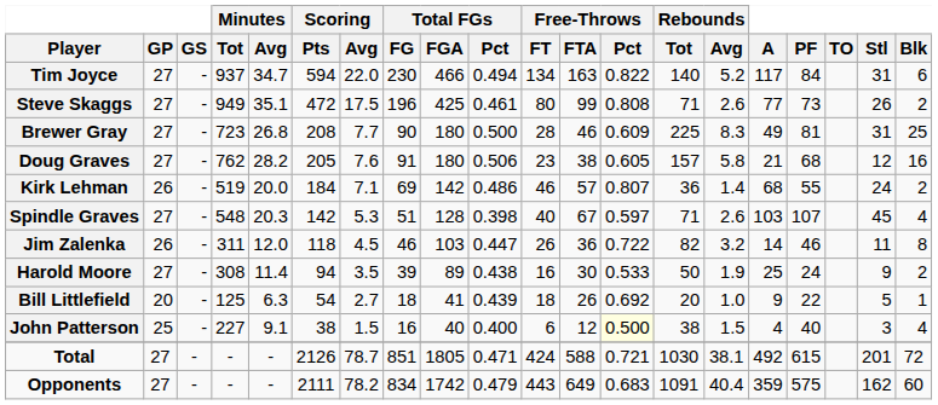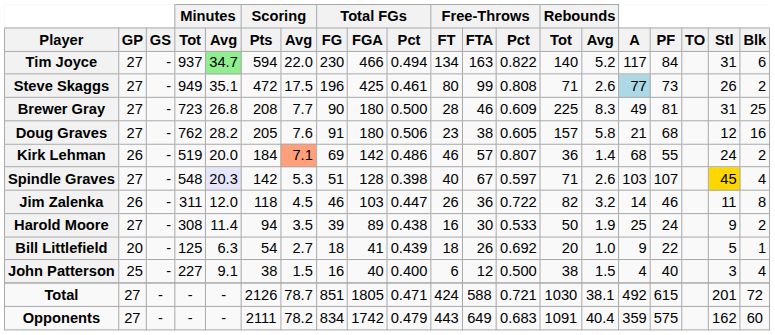 <table class="wikitable sortable" border="1" style="font-size:90%;">
 <tr>
 <th colspan="3" style="border-top-style:hidden; border-left-style:hidden; background: white;"></th>
 <th colspan="2" style=>Minutes</th>
 <th colspan="2" style=>Scoring</th>
 <th colspan="3" style=>Total FGs</th>
 <th colspan="3" style=>Free-Throws</th>
 <th colspan="2" style=>Rebounds</th>
 <th colspan="5" style="border-top-style:hidden; border-right-style:hidden; background: white;"></th>
 </tr>
 <tr>
 <th scope="col" style=>Player</th>
 <th scope="col" style=>GP</th>
 <th scope="col" style=>GS</th>
 <th scope="col" style=>Tot</th>
 <th scope="col" style=>Avg</th>
 <th scope="col" style=>Pts</th>
 <th scope="col" style=>Avg</th>
 <th scope="col" style=>FG</th>
 <th scope="col" style=>FGA</th>
 <th scope="col" style=>Pct</th>
 <th scope="col" style=>FT</th>
 <th scope="col" style=>FTA</th>
 <th scope="col" style=>Pct</th>
 <th scope="col" style=>Tot</th>
 <th scope="col" style=>Avg</th>
 <th scope="col" style=>A</th>
 <th scope="col" style=>PF</th>
 <th scope="col" style=>TO</th>
 <th scope="col" style=>Stl</th>
 <th scope="col" style=>Blk</th>
 </tr>
 <tr>
 <th>Tim Joyce</th>
 <td align="right">27</td>
 <td align="right">-</td>
 <td align="right">937</td>
-<td align="right">34.7</td>
+<td align="right" style="background: lightgreen;">34.7</td>
 <td align="right">594</td>
 <td align="right">22.0</td>
 <td align="right">230</td>
 <td align="right">466</td>
 <td align="right">0.494</td>
 <td align="right">134</td>
 <td align="right">163</td>
 <td align="right">0.822</td>
 <td align="right">140</td>
 <td align="right">5.2</td>
 <td align="right">117</td>
 <td align="right">84</td>
 <td align="right"></td>
 <td align="right">31</td>
 <td align="right">6</td>
 </tr>
 <tr>
 <th>Steve Skaggs</th>
 <td align="right">27</td>
 <td align="right">-</td>
 <td align="right">949</td>
 <td align="right">35.1</td>
 <td align="right">472</td>
 <td align="right">17.5</td>
 <td align="right">196</td>
 <td align="right">425</td>
 <td align="right">0.461</td>
 <td align="right">80</td>
 <td align="right">99</td>
 <td align="right">0.808</td>
 <td align="right">71</td>
 <td align="right">2.6</td>
-<td align="right">77</td>
+<td align="right" style="background: lightblue;">77</td>
 <td align="right">73</td>
 <td align="right"></td>
 <td align="right">26</td>
 <td align="right">2</td>
 </tr>
 <tr>
 <th>Brewer Gray</th>
 <td align="right">27</td>
 <td align="right">-</td>
 <td align="right">723</td>
 <td align="right">26.8</td>
 <td align="right">208</td>
 <td align="right">7.7</td>
 <td align="right">90</td>
 <td align="right">180</td>
 <td align="right">0.500</td>
 <td align="right">28</td>
 <td align="right">46</td>
 <td align="right">0.609</td>
 <td align="right">225</td>
 <td align="right">8.3</td>
 <td align="right">49</td>
 <td align="right">81</td>
 <td align="right"></td>
 <td align="right">31</td>
 <td align="right">25</td>
 </tr>
 <tr>
 <th>Doug Graves</th>
 <td align="right">27</td>
 <td align="right">-</td>
 <td align="right">762</td>
 <td align="right">28.2</td>
 <td align="right">205</td>
 <td align="right">7.6</td>
 <td align="right">91</td>
 <td align="right">180</td>
 <td align="right">0.506</td>
 <td align="right">23</td>
 <td align="right">38</td>
 <td align="right">0.605</td>
 <td align="right">157</td>
 <td align="right">5.8</td>
 <td align="right">21</td>
 <td align="right">68</td>
 <td align="right"></td>
 <td align="right">12</td>
 <td align="right">16</td>
 </tr>
 <tr>
 <th>Kirk Lehman</th>
 <td align="right">26</td>
 <td align="right">-</td>
 <td align="right">519</td>
 <td align="right">20.0</td>
 <td align="right">184</td>
-<td align="right">7.1</td>
+<td align="right" style="background: lightsalmon;">7.1</td>
 <td align="right">69</td>
 <td align="right">142</td>
 <td align="right">0.486</td>
 <td align="right">46</td>
 <td align="right">57</td>
 <td align="right">0.807</td>
 <td align="right">36</td>
 <td align="right">1.4</td>
 <td align="right">68</td>
 <td align="right">55</td>
 <td align="right"></td>
 <td align="right">24</td>
 <td align="right">2</td>
 </tr>
 <tr>
 <th>Spindle Graves</th>
 <td align="right">27</td>
 <td align="right">-</td>
 <td align="right">548</td>
-<td align="right">20.3</td>
+<td align="right" style="background: lavender;">20.3</td>
 <td align="right">142</td>
 <td align="right">5.3</td>
 <td align="right">51</td>
 <td align="right">128</td>
 <td align="right">0.398</td>
 <td align="right">40</td>
 <td align="right">67</td>
 <td align="right">0.597</td>
 <td align="right">71</td>
 <td align="right">2.6</td>
 <td align="right">103</td>
 <td align="right">107</td>
 <td align="right"></td>
-<td align="right">45</td>
+<td align="right" style="background: gold;">45</td>
 <td align="right">4</td>
 </tr>
 <tr>
 <th>Jim Zalenka</th>
 <td align="right">26</td>
 <td align="right">-</td>
 <td align="right">311</td>
 <td align="right">12.0</td>
 <td align="right">118</td>
 <td align="right">4.5</td>
 <td align="right">46</td>
 <td align="right">103</td>
 <td align="right">0.447</td>
 <td align="right">26</td>
 <td align="right">36</td>
 <td align="right">0.722</td>
 <td align="right">82</td>
 <td align="right">3.2</td>
 <td align="right">14</td>
 <td align="right">46</td>
 <td align="right"></td>
 <td align="right">11</td>
 <td align="right">8</td>
 </tr>
 <tr>
 <th>Harold Moore</th>
 <td align="right">27</td>
 <td align="right">-</td>
 <td align="right">308</td>
 <td align="right">11.4</td>
 <td align="right">94</td>
 <td align="right">3.5</td>
 <td align="right">39</td>
 <td align="right">89</td>
 <td align="right">0.438</td>
 <td align="right">16</td>
 <td align="right">30</td>
 <td align="right">0.533</td>
 <td align="right">50</td>
 <td align="right">1.9</td>
 <td align="right">25</td>
 <td align="right">24</td>
 <td align="right"></td>
 <td align="right">9</td>
 <td align="right">2</td>
 </tr>
 <tr>
 <th>Bill Littlefield</th>
 <td align="right">20</td>
 <td align="right">-</td>
 <td align="right">125</td>
 <td align="right">6.3</td>
 <td align="right">54</td>
 <td align="right">2.7</td>
 <td align="right">18</td>
 <td align="right">41</td>
 <td align="right">0.439</td>
 <td align="right">18</td>
 <td align="right">26</td>
 <td align="right">0.692</td>
 <td align="right">20</td>
 <td align="right">1.0</td>
 <td align="right">9</td>
 <td align="right">22</td>
 <td align="right"></td>
 <td align="right">5</td>
 <td align="right">1</td>
 </tr>
 <tr>
 <th>John Patterson</th>
 <td align="right">25</td>
 <td align="right">-</td>
 <td align="right">227</td>
 <td align="right">9.1</td>
 <td align="right">38</td>
 <td align="right">1.5</td>
 <td align="right">16</td>
 <td align="right">40</td>
 <td align="right">0.400</td>
 <td align="right">6</td>
 <td align="right">12</td>
-<td align="right" style="background: lightyellow;">0.500</td>
+<td align="right">0.500</td>
 <td align="right">38</td>
 <td align="right">1.5</td>
 <td align="right">4</td>
 <td align="right">40</td>
 <td align="right"></td>
 <td align="right">3</td>
 <td align="right">4</td>
 </tr>
 <tr>
 </tr>
 <tr class="sortbottom">
 <td align="center" style=><strong>Total</strong></td>
 <td align="center" style=>27</td>
 <td align="center" style=>-</td>
 <td align="center" style=>-</td>
 <td align="center" style=>-</td>
 <td align="center" style=>2126</td>
 <td align="center" style=>78.7</td>
 <td align="center" style=>851</td>
 <td align="center" style=>1805</td>
 <td align="center" style=>0.471</td>
 <td align="center" style=>424</td>
 <td align="center" style=>588</td>
 <td align="center" style=>0.721</td>
 <td align="center" style=>1030</td>
 <td align="center" style=>38.1</td>
 <td align="center" style=>492</td>
 <td align="center" style=>615</td>
 <td align="center" style=></td>
 <td align="center" style=>201</td>
 <td align="center" style=>72</td>
 </tr>
 <tr class="sortbottom">
 <td align="center"><strong>Opponents</strong></td>
 <td align="center">27</td>
 <td align="center">-</td>
 <td align="center">-</td>
 <td align="center">-</td>
 <td align="center">2111</td>
 <td align="center">78.2</td>
 <td align="center">834</td>
 <td align="center">1742</td>
 <td align="center">0.479</td>
 <td align="center">443</td>
 <td align="center">649</td>
 <td align="center">0.683</td>
 <td align="center">1091</td>
 <td align="center">40.4</td>
 <td align="center">359</td>
 <td align="center">575</td>
 <td align="center"></td>
 <td align="center">162</td>
 <td align="center">60</td>
 </tr>
 </table>
